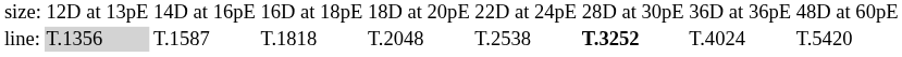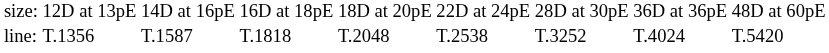 <table style="margin-left:40px;">
 <tr>
 <td>size:</td>
 <td>12D at 13pE</td>
 <td>14D at 16pE</td>
 <td>16D at 18pE</td>
 <td>18D at 20pE</td>
 <td>22D at 24pE</td>
 <td>28D at 30pE</td>
 <td>36D at 36pE</td>
 <td>48D at 60pE</td>
 </tr>
 <tr>
 <td>line:</td>
-<td style="background: lightgrey;">T.1356</td>
+<td>T.1356</td>
 <td>T.1587</td>
 <td>T.1818</td>
 <td>T.2048</td>
 <td>T.2538</td>
-<td><strong>T.3252</strong></td>
+<td>T.3252</td>
 <td>T.4024</td>
 <td>T.5420</td>
 </tr>
 </table>
